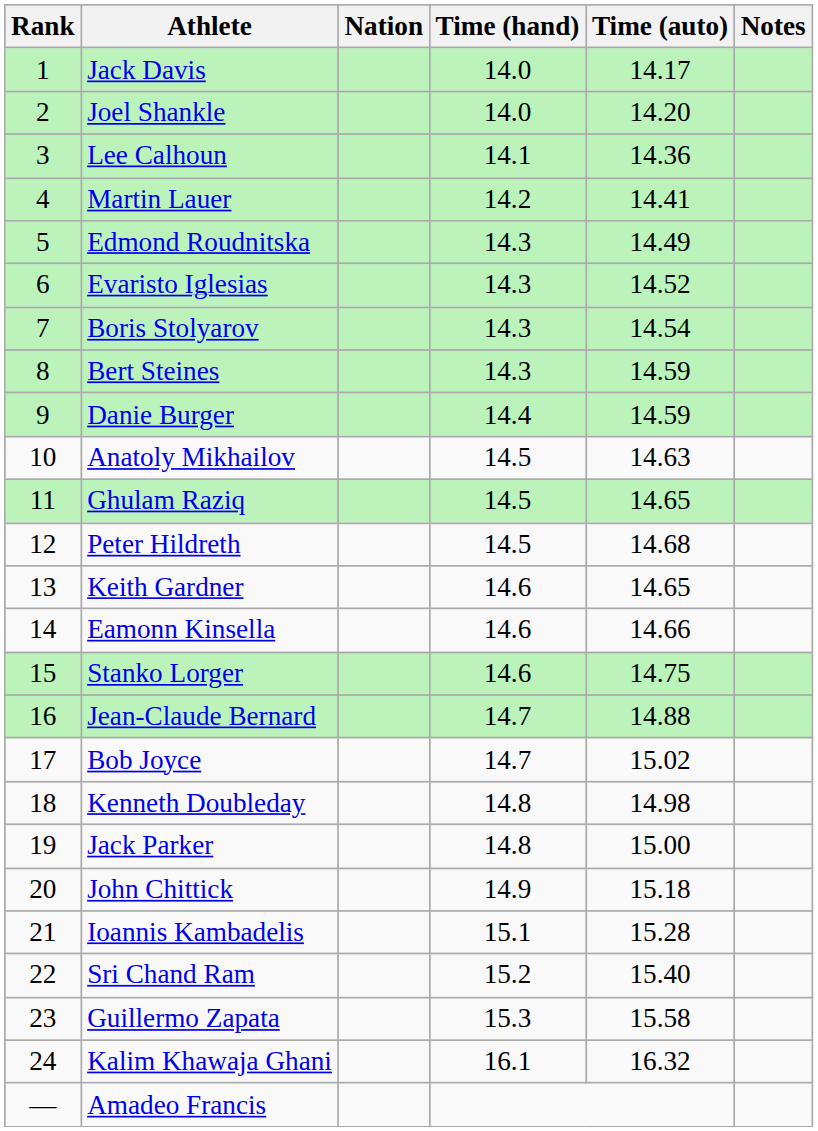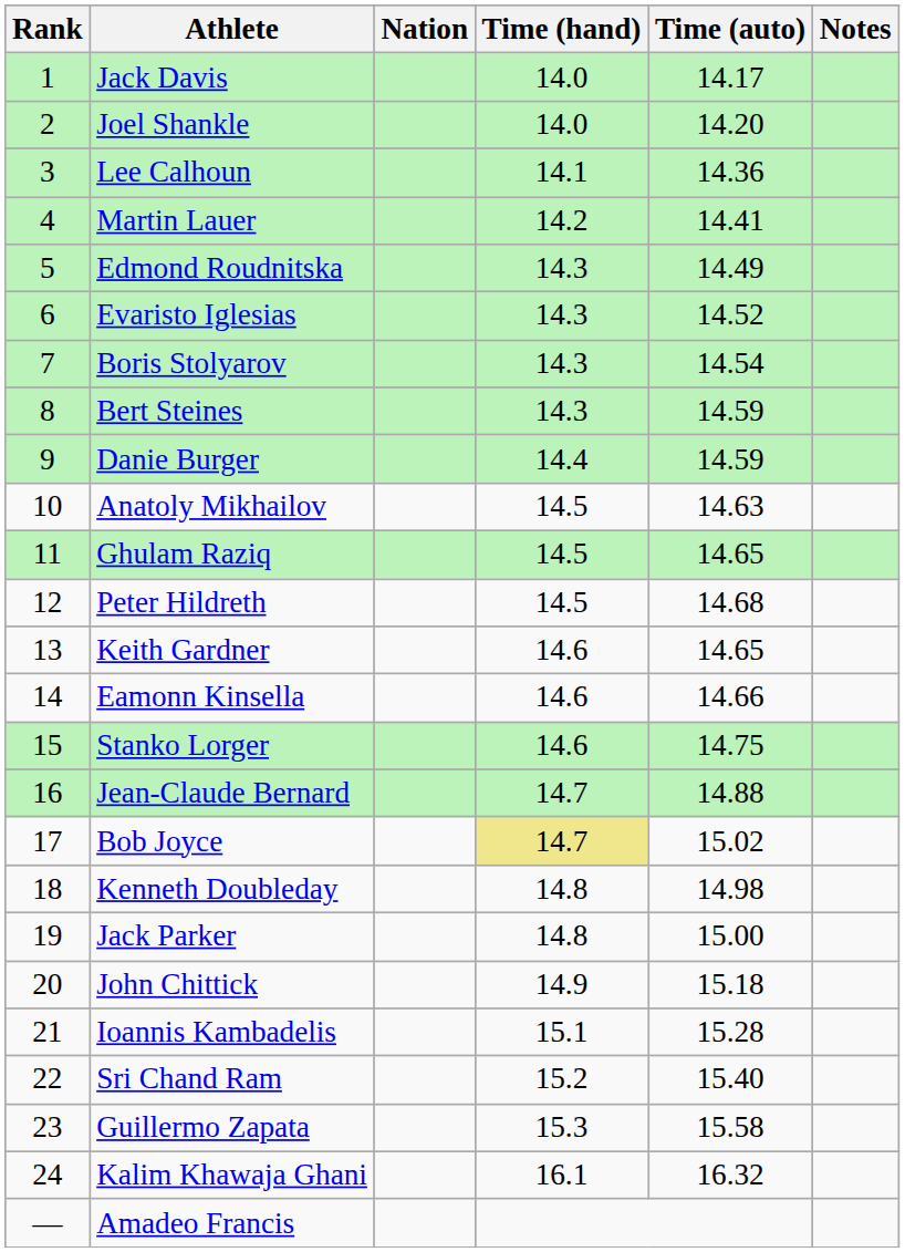 <table class="wikitable sortable" style="text-align:center">
 <tr>
 <th>Rank</th>
 <th>Athlete</th>
 <th>Nation</th>
 <th>Time (hand)</th>
 <th>Time (auto)</th>
 <th>Notes</th>
 </tr>
 <tr bgcolor=bbf3bb>
 <td>1</td>
 <td align=left><a href='#'>Jack Davis</a></td>
 <td align=left></td>
 <td>14.0</td>
 <td>14.17</td>
 <td></td>
 </tr>
 <tr bgcolor=bbf3bb>
 <td>2</td>
 <td align=left><a href='#'>Joel Shankle</a></td>
 <td align=left></td>
 <td>14.0</td>
 <td>14.20</td>
 <td></td>
 </tr>
 <tr bgcolor=bbf3bb>
 <td>3</td>
 <td align=left><a href='#'>Lee Calhoun</a></td>
 <td align=left></td>
 <td>14.1</td>
 <td>14.36</td>
 <td></td>
 </tr>
 <tr bgcolor=bbf3bb>
 <td>4</td>
 <td align=left><a href='#'>Martin Lauer</a></td>
 <td align=left></td>
 <td>14.2</td>
 <td>14.41</td>
 <td></td>
 </tr>
 <tr bgcolor=bbf3bb>
 <td>5</td>
 <td align=left><a href='#'>Edmond Roudnitska</a></td>
 <td align=left></td>
 <td>14.3</td>
 <td>14.49</td>
 <td></td>
 </tr>
 <tr bgcolor=bbf3bb>
 <td>6</td>
 <td align=left><a href='#'>Evaristo Iglesias</a></td>
 <td align=left></td>
 <td>14.3</td>
 <td>14.52</td>
 <td></td>
 </tr>
 <tr bgcolor=bbf3bb>
 <td>7</td>
 <td align=left><a href='#'>Boris Stolyarov</a></td>
 <td align=left></td>
 <td>14.3</td>
 <td>14.54</td>
 <td></td>
 </tr>
 <tr bgcolor=bbf3bb>
 <td>8</td>
 <td align=left><a href='#'>Bert Steines</a></td>
 <td align=left></td>
 <td>14.3</td>
 <td>14.59</td>
 <td></td>
 </tr>
 <tr bgcolor=bbf3bb>
 <td>9</td>
 <td align=left><a href='#'>Danie Burger</a></td>
 <td align=left></td>
 <td>14.4</td>
 <td>14.59</td>
 <td></td>
 </tr>
 <tr>
 <td>10</td>
 <td align=left><a href='#'>Anatoly Mikhailov</a></td>
 <td align=left></td>
 <td>14.5</td>
 <td>14.63</td>
 <td></td>
 </tr>
 <tr bgcolor=bbf3bb>
 <td>11</td>
 <td align=left><a href='#'>Ghulam Raziq</a></td>
 <td align=left></td>
 <td>14.5</td>
 <td>14.65</td>
 <td></td>
 </tr>
 <tr>
 <td>12</td>
 <td align=left><a href='#'>Peter Hildreth</a></td>
 <td align=left></td>
 <td>14.5</td>
 <td>14.68</td>
 <td></td>
 </tr>
 <tr>
 <td>13</td>
 <td align=left><a href='#'>Keith Gardner</a></td>
 <td align=left></td>
 <td>14.6</td>
 <td>14.65</td>
 <td></td>
 </tr>
 <tr>
 <td>14</td>
 <td align=left><a href='#'>Eamonn Kinsella</a></td>
 <td align=left></td>
 <td>14.6</td>
 <td>14.66</td>
 <td></td>
 </tr>
 <tr bgcolor=bbf3bb>
 <td>15</td>
 <td align=left><a href='#'>Stanko Lorger</a></td>
 <td align=left></td>
 <td>14.6</td>
 <td>14.75</td>
 <td></td>
 </tr>
 <tr bgcolor=bbf3bb>
 <td>16</td>
 <td align=left><a href='#'>Jean-Claude Bernard</a></td>
 <td align=left></td>
 <td>14.7</td>
 <td>14.88</td>
 <td></td>
 </tr>
 <tr>
 <td>17</td>
 <td align=left><a href='#'>Bob Joyce</a></td>
 <td align=left></td>
-<td>14.7</td>
+<td style="background: khaki;">14.7</td>
 <td>15.02</td>
 <td></td>
 </tr>
 <tr>
 <td>18</td>
 <td align=left><a href='#'>Kenneth Doubleday</a></td>
 <td align=left></td>
 <td>14.8</td>
 <td>14.98</td>
 <td></td>
 </tr>
 <tr>
 <td>19</td>
 <td align=left><a href='#'>Jack Parker</a></td>
 <td align=left></td>
 <td>14.8</td>
 <td>15.00</td>
 <td></td>
 </tr>
 <tr>
 <td>20</td>
 <td align=left><a href='#'>John Chittick</a></td>
 <td align=left></td>
 <td>14.9</td>
 <td>15.18</td>
 <td></td>
 </tr>
 <tr>
 <td>21</td>
 <td align=left><a href='#'>Ioannis Kambadelis</a></td>
 <td align=left></td>
 <td>15.1</td>
 <td>15.28</td>
 <td></td>
 </tr>
 <tr>
 <td>22</td>
 <td align=left><a href='#'>Sri Chand Ram</a></td>
 <td align=left></td>
 <td>15.2</td>
 <td>15.40</td>
 <td></td>
 </tr>
 <tr>
 <td>23</td>
 <td align=left><a href='#'>Guillermo Zapata</a></td>
 <td align=left></td>
 <td>15.3</td>
 <td>15.58</td>
 <td></td>
 </tr>
 <tr>
 <td>24</td>
 <td align=left><a href='#'>Kalim Khawaja Ghani</a></td>
 <td align=left></td>
 <td>16.1</td>
 <td>16.32</td>
 <td></td>
 </tr>
 <tr>
 <td data-sort-value=25>—</td>
 <td align=left><a href='#'>Amadeo Francis</a></td>
 <td align=left></td>
 <td colspan=2></td>
 <td></td>
 </tr>
 </table>
